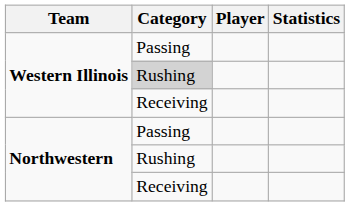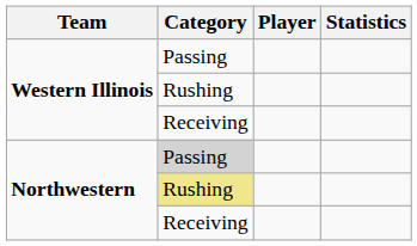 <table class="wikitable" style="float: right;">
 <tr>
 <th>Team</th>
 <th>Category</th>
 <th>Player</th>
 <th>Statistics</th>
 </tr>
 <tr>
 <td rowspan=3><strong>Western Illinois</strong></td>
 <td>Passing</td>
 <td></td>
 <td></td>
 </tr>
 <tr>
-<td style="background: lightgrey;">Rushing</td>
+<td>Rushing</td>
 <td></td>
 <td></td>
 </tr>
 <tr>
 <td>Receiving</td>
 <td></td>
 <td></td>
 </tr>
 <tr>
 <td rowspan=3><strong>Northwestern</strong></td>
-<td>Passing</td>
+<td style="background: lightgrey;">Passing</td>
 <td></td>
 <td></td>
 </tr>
 <tr>
-<td>Rushing</td>
+<td style="background: khaki;">Rushing</td>
 <td></td>
 <td></td>
 </tr>
 <tr>
 <td>Receiving</td>
 <td></td>
 <td></td>
 </tr>
 </table>
